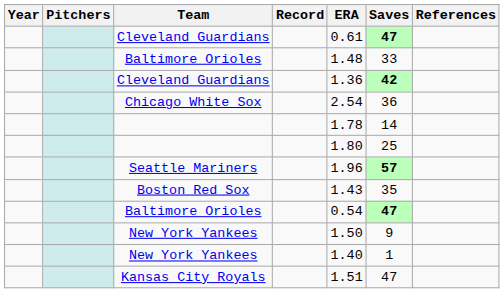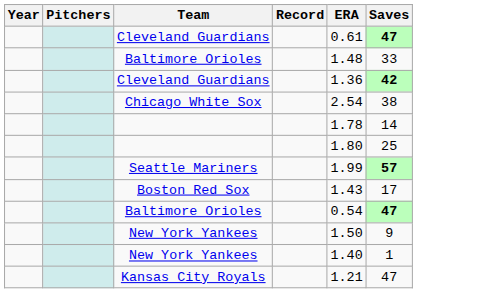 <table class="wikitable sortable plainrowheaders" style="text-align:center">
 <tr>
 <th>Year</th>
 <th>Pitchers</th>
 <th>Team</th>
 <th data-sort-type="number">Record</th>
 <th>ERA</th>
 <th>Saves</th>
-<th class="unsortable">References</th>
 </tr>
 <tr>
 <td></td>
 <th scope="row" style="text-align:center; background:#cfecec;"></th>
 <td><a href='#'>Cleveland Guardians</a></td>
 <td></td>
 <td>0.61</td>
 <th style="background:#bfb;">47</th>
-<td></td>
 </tr>
 <tr>
 <td></td>
 <th scope="row" style="text-align:center; background:#cfecec;"></th>
 <td><a href='#'>Baltimore Orioles</a></td>
 <td></td>
 <td>1.48</td>
 <td>33</td>
-<td></td>
 </tr>
 <tr>
 <td></td>
 <th scope="row" style="text-align:center; background:#cfecec;"></th>
 <td><a href='#'>Cleveland Guardians</a></td>
 <td></td>
 <td>1.36</td>
 <th style="background:#bfb;">42</th>
-<td></td>
 </tr>
 <tr>
 <td></td>
 <th scope="row" style="text-align:center; background:#cfecec;"> </th>
 <td><a href='#'>Chicago White Sox</a></td>
 <td></td>
 <td>2.54</td>
-<td>36</td>
-<td></td>
+<td>38</td>
 </tr>
 <tr>
 <td></td>
 <th scope="row" style="text-align:center; background:#cfecec;"> </th>
 <td></td>
 <td></td>
 <td>1.78</td>
 <td>14</td>
-<td></td>
 </tr>
 <tr>
 <td></td>
 <th scope="row" style="text-align:center; background:#cfecec;"> </th>
 <td></td>
 <td></td>
 <td>1.80</td>
 <td>25</td>
-<td></td>
 </tr>
 <tr>
 <td></td>
 <th scope="row" style="text-align:center; background:#cfecec;"> </th>
 <td><a href='#'>Seattle Mariners</a></td>
 <td></td>
-<td>1.96</td>
+<td>1.99</td>
 <th style="background:#bfb;">57</th>
-<td></td>
 </tr>
 <tr>
 <td></td>
 <th scope="row" style="text-align:center; background:#cfecec;"> </th>
 <td><a href='#'>Boston Red Sox</a></td>
 <td></td>
 <td>1.43</td>
-<td>35</td>
-<td></td>
+<td>17</td>
 </tr>
 <tr>
 <td></td>
 <th scope="row" style="text-align:center; background:#cfecec;"></th>
 <td><a href='#'>Baltimore Orioles</a></td>
 <td></td>
 <td>0.54</td>
 <th style="background:#bfb;">47</th>
-<td></td>
 </tr>
 <tr>
 <td></td>
 <th scope="row" style="text-align:center; background:#cfecec;">  </th>
 <td><a href='#'>New York Yankees</a></td>
 <td></td>
 <td>1.50</td>
 <td>9</td>
-<td></td>
 </tr>
 <tr>
 <td></td>
 <th scope="row" style="text-align:center; background:#cfecec;"> </th>
 <td><a href='#'>New York Yankees</a></td>
 <td></td>
 <td>1.40</td>
 <td>1</td>
-<td></td>
 </tr>
 <tr>
 <td></td>
 <th scope="row" style="text-align:center; background:#cfecec;"></th>
 <td><a href='#'>Kansas City Royals</a></td>
 <td></td>
-<td>1.51</td>
+<td>1.21</td>
 <td>47</td>
-<td></td>
 </tr>
 </table>
